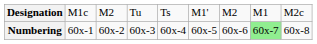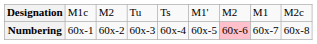 <table class="wikitable">
 <tr>
 <th>Designation</th>
 <td>M1c</td>
 <td>M2</td>
 <td>Tu</td>
 <td>Ts</td>
 <td>M1'</td>
 <td>M2</td>
 <td>M1</td>
 <td>M2c</td>
 </tr>
 <tr>
 <th>Numbering</th>
 <td>60x-1</td>
 <td>60x-2</td>
 <td>60x-3</td>
 <td>60x-4</td>
 <td>60x-5</td>
-<td>60x-6</td>
-<td style="background: lightgreen;">60x-7</td>
+<td style="background: pink;">60x-6</td>
+<td>60x-7</td>
 <td>60x-8</td>
 </tr>
 </table>
